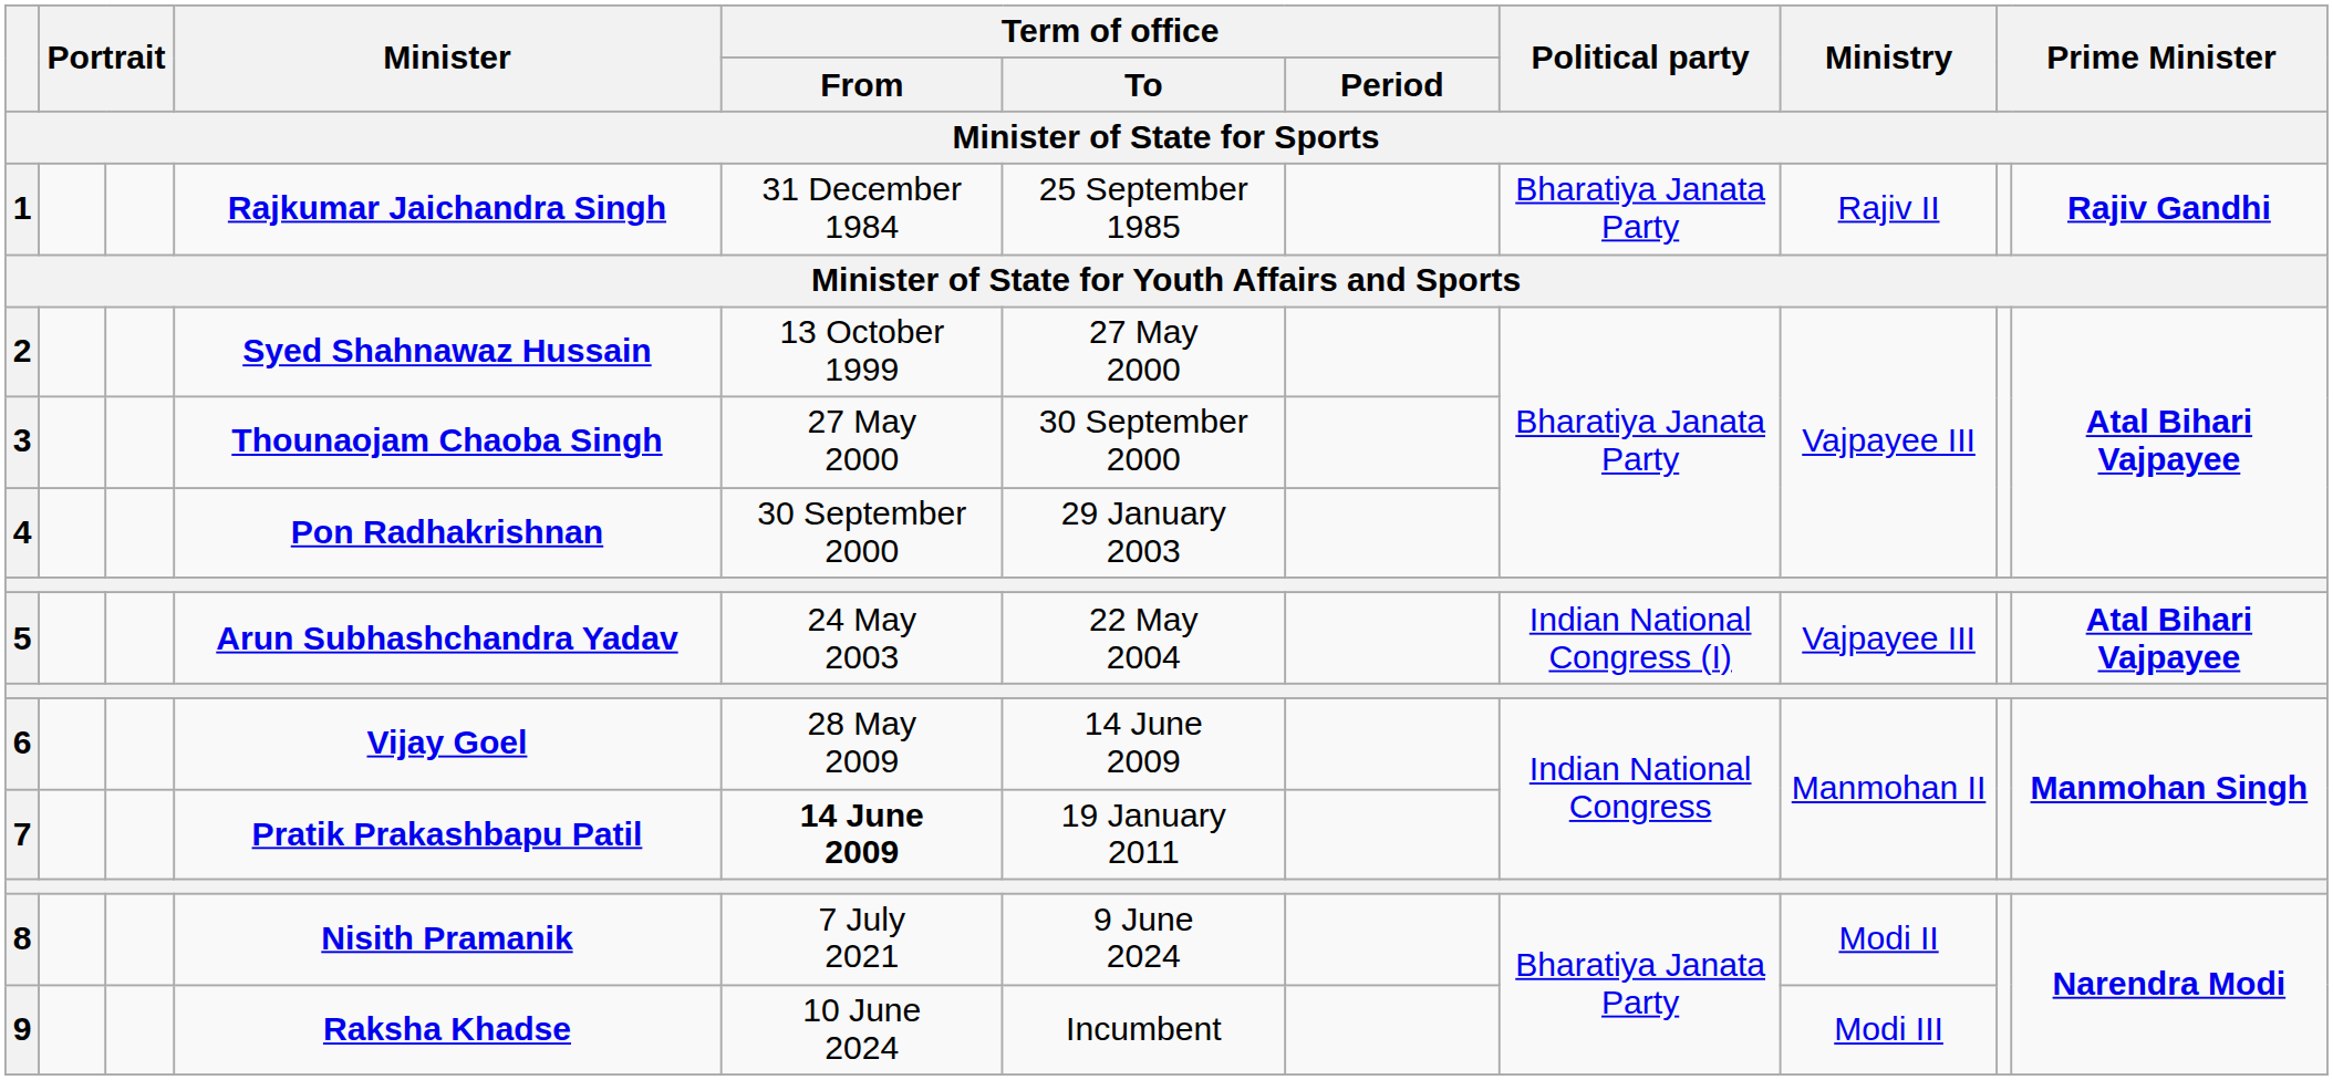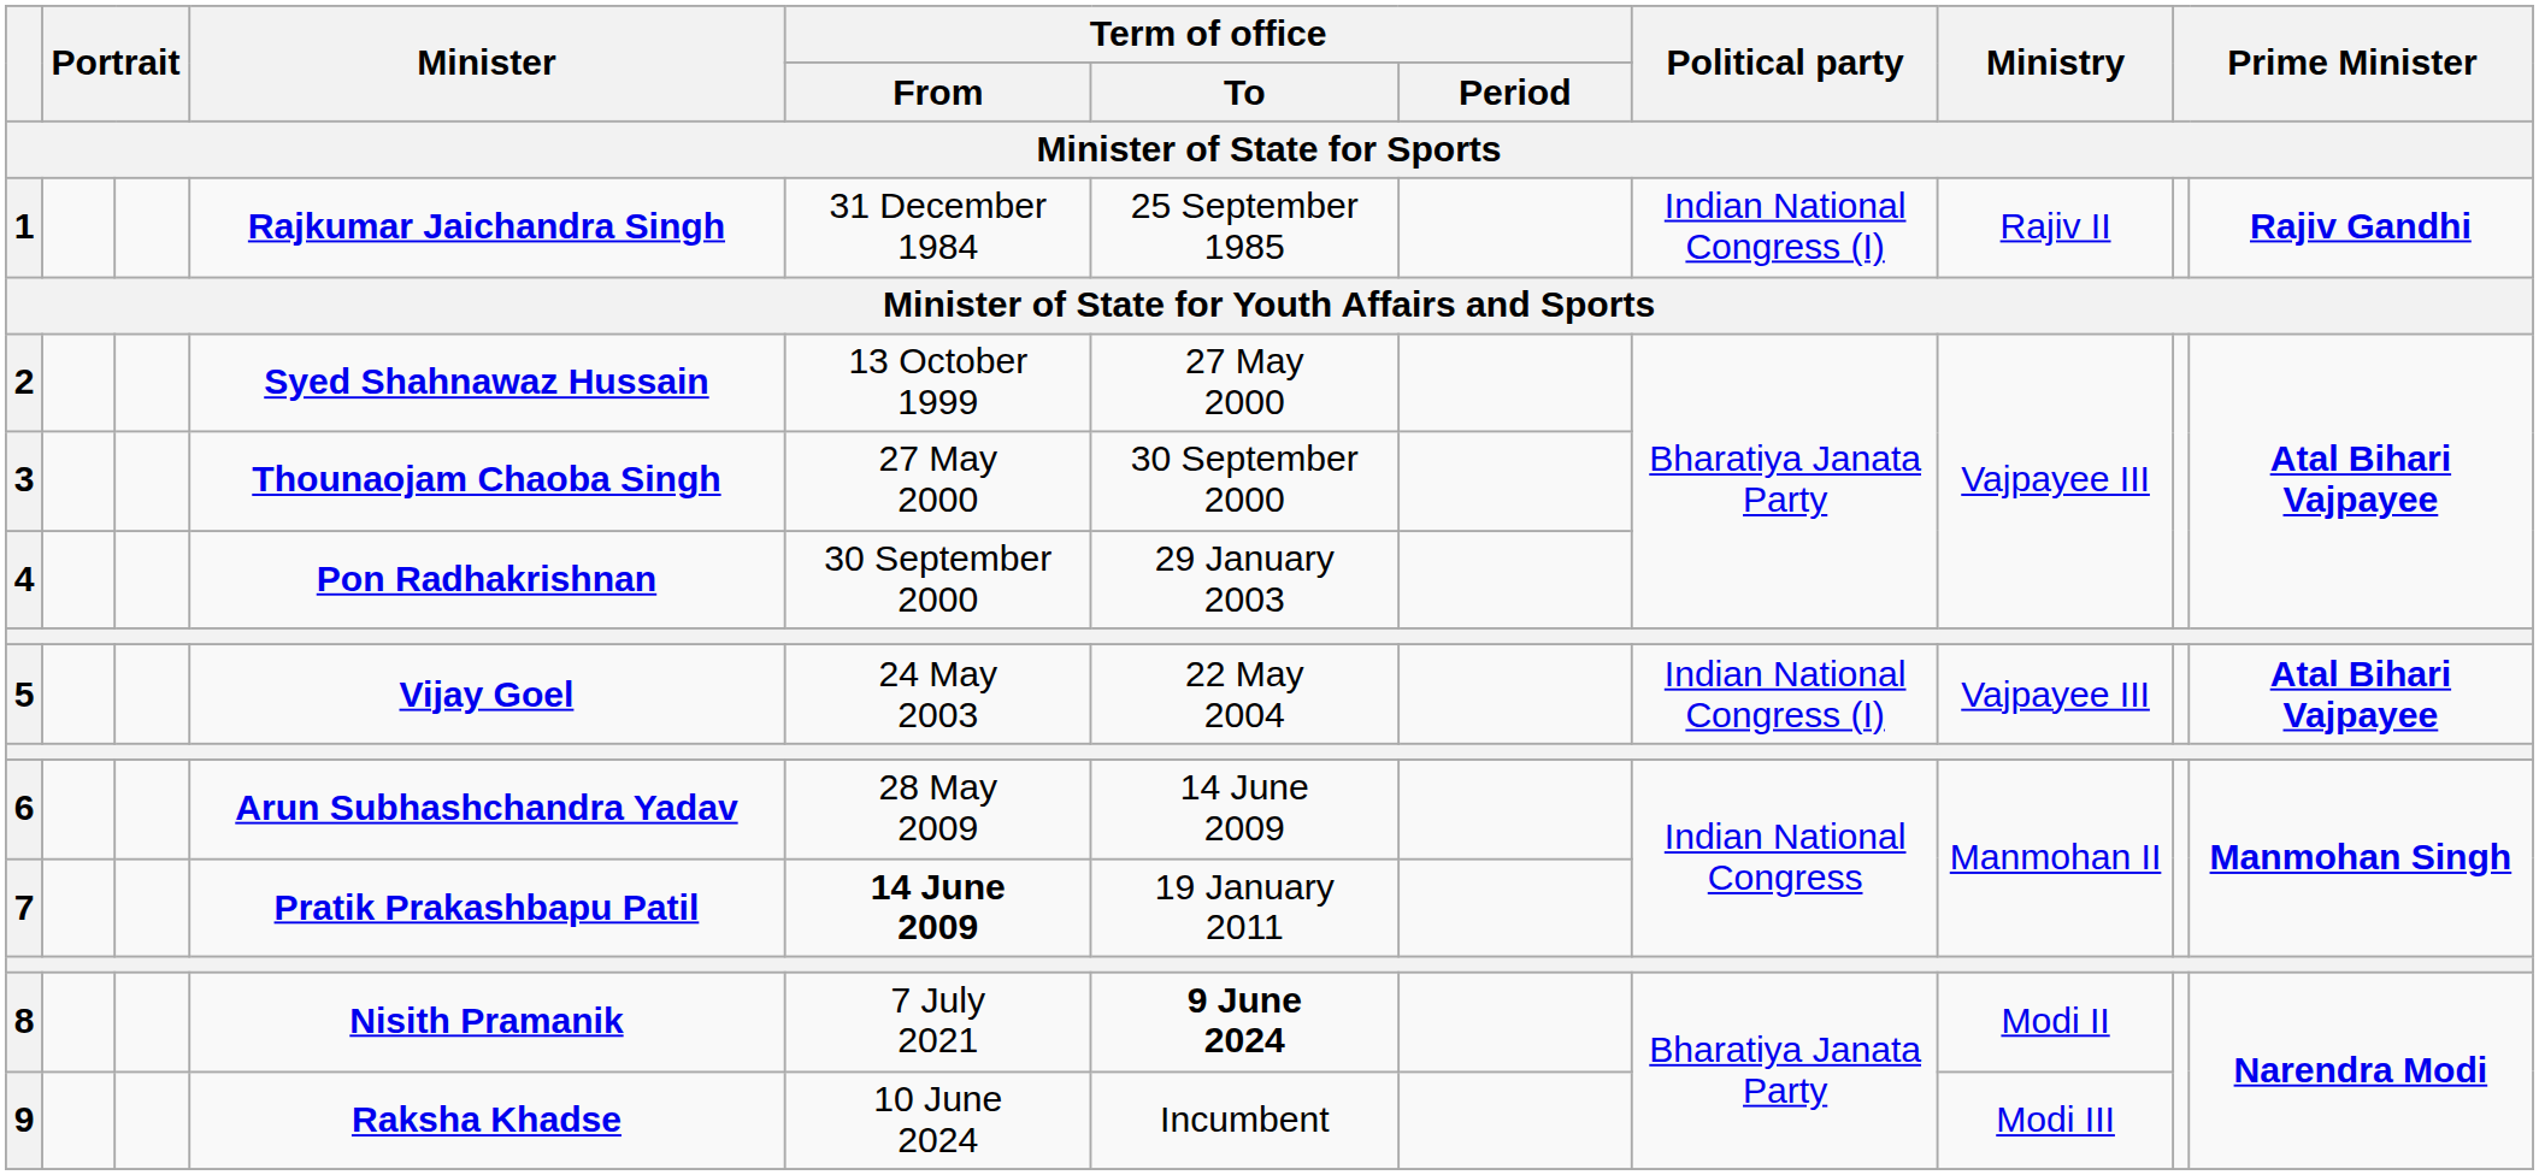 <table class="wikitable" style="text-align:center">
 <tr>
 <th rowspan="2"></th>
 <th rowspan="2" colspan="2">Portrait</th>
 <th rowspan="2" style="width:16em">Minister<br></th>
 <th colspan="3">Term of office</th>
 <th rowspan="2" style="width:8em">Political party</th>
 <th rowspan="2" style="width:6em">Ministry</th>
 <th rowspan="2" colspan="2">Prime Minister</th>
 </tr>
 <tr>
 <th style="width:8em">From</th>
 <th style="width:8em">To</th>
 <th style="width:6em">Period</th>
 </tr>
 <tr>
 <th colspan="11">Minister of State for Sports</th>
 </tr>
 <tr>
 <th>1</th>
 <td></td>
 <td></td>
 <td><strong><a href='#'>Rajkumar Jaichandra Singh</a></strong><br></td>
 <td>31 December<br>1984</td>
 <td>25 September<br>1985</td>
 <td><strong></strong></td>
-<td><a href='#'>Bharatiya Janata Party</a></td>
+<td><a href='#'>Indian National Congress (I)</a></td>
 <td><a href='#'>Rajiv II</a></td>
 <td></td>
 <td><strong><a href='#'>Rajiv Gandhi</a></strong></td>
 </tr>
 <tr>
 <th colspan="11">Minister of State for Youth Affairs and Sports</th>
 </tr>
 <tr>
 <th>2</th>
 <td></td>
 <td></td>
 <td><strong><a href='#'>Syed Shahnawaz Hussain</a></strong><br></td>
 <td>13 October<br>1999</td>
 <td>27 May<br>2000</td>
 <td><strong></strong></td>
 <td rowspan="3"><a href='#'>Bharatiya Janata Party</a></td>
 <td rowspan="3"><a href='#'>Vajpayee III</a></td>
 <td rowspan="3"></td>
 <td rowspan="3"><strong><a href='#'>Atal Bihari Vajpayee</a></strong></td>
 </tr>
 <tr>
 <th>3</th>
 <td></td>
 <td></td>
 <td><strong><a href='#'>Thounaojam Chaoba Singh</a></strong><br></td>
 <td>27 May<br>2000</td>
 <td>30 September<br>2000</td>
 <td><strong></strong></td>
 </tr>
 <tr>
 <th>4</th>
 <td></td>
 <td></td>
 <td><strong><a href='#'>Pon Radhakrishnan</a></strong><br></td>
 <td>30 September<br>2000</td>
 <td>29 January<br>2003</td>
 <td><strong></strong></td>
 </tr>
 <tr>
 <th colspan="11"></th>
 </tr>
 <tr>
 <th>5</th>
 <td></td>
 <td></td>
-<td><strong><a href='#'>Arun Subhashchandra Yadav</a></strong><br></td>
+<td><strong><a href='#'>Vijay Goel</a></strong><br></td>
 <td>24 May<br>2003</td>
 <td>22 May<br>2004</td>
 <td><strong></strong></td>
 <td><a href='#'>Indian National Congress (I)</a></td>
 <td><a href='#'>Vajpayee III</a></td>
 <td></td>
 <td><strong><a href='#'>Atal Bihari Vajpayee</a></strong></td>
 </tr>
 <tr>
 <th colspan="11"></th>
 </tr>
 <tr>
 <th>6</th>
 <td></td>
 <td></td>
-<td><strong><a href='#'>Vijay Goel</a></strong><br></td>
+<td><strong><a href='#'>Arun Subhashchandra Yadav</a></strong><br></td>
 <td>28 May<br>2009</td>
 <td>14 June<br>2009</td>
 <td><strong></strong></td>
 <td rowspan="2"><a href='#'>Indian National Congress</a></td>
 <td rowspan="2"><a href='#'>Manmohan II</a></td>
 <td rowspan="2"></td>
 <td rowspan="2" style="width:9em"><strong><a href='#'>Manmohan Singh</a></strong></td>
 </tr>
 <tr>
 <th>7</th>
 <td></td>
 <td></td>
 <td><strong><a href='#'>Pratik Prakashbapu Patil</a></strong><br></td>
 <td><strong>14 June<br>2009</strong></td>
 <td>19 January<br>2011</td>
 <td><strong></strong></td>
 </tr>
 <tr>
 <th colspan="11"></th>
 </tr>
 <tr>
 <th>8</th>
 <td></td>
 <td></td>
 <td><strong><a href='#'>Nisith Pramanik</a></strong><br></td>
 <td>7 July<br>2021</td>
-<td>9 June<br>2024</td>
+<td><strong>9 June<br>2024</strong></td>
 <td><strong></strong></td>
 <td rowspan="2"><a href='#'>Bharatiya Janata Party</a></td>
 <td><a href='#'>Modi II</a></td>
 <td rowspan="2"></td>
 <td rowspan="2"><strong><a href='#'>Narendra Modi</a></strong></td>
 </tr>
 <tr>
 <th>9</th>
 <td></td>
 <td></td>
 <td><strong><a href='#'>Raksha Khadse</a></strong><br></td>
 <td>10 June<br>2024</td>
 <td>Incumbent</td>
 <td><strong></strong></td>
 <td><a href='#'>Modi III</a></td>
 </tr>
 <tr>
 </tr>
 </table>
